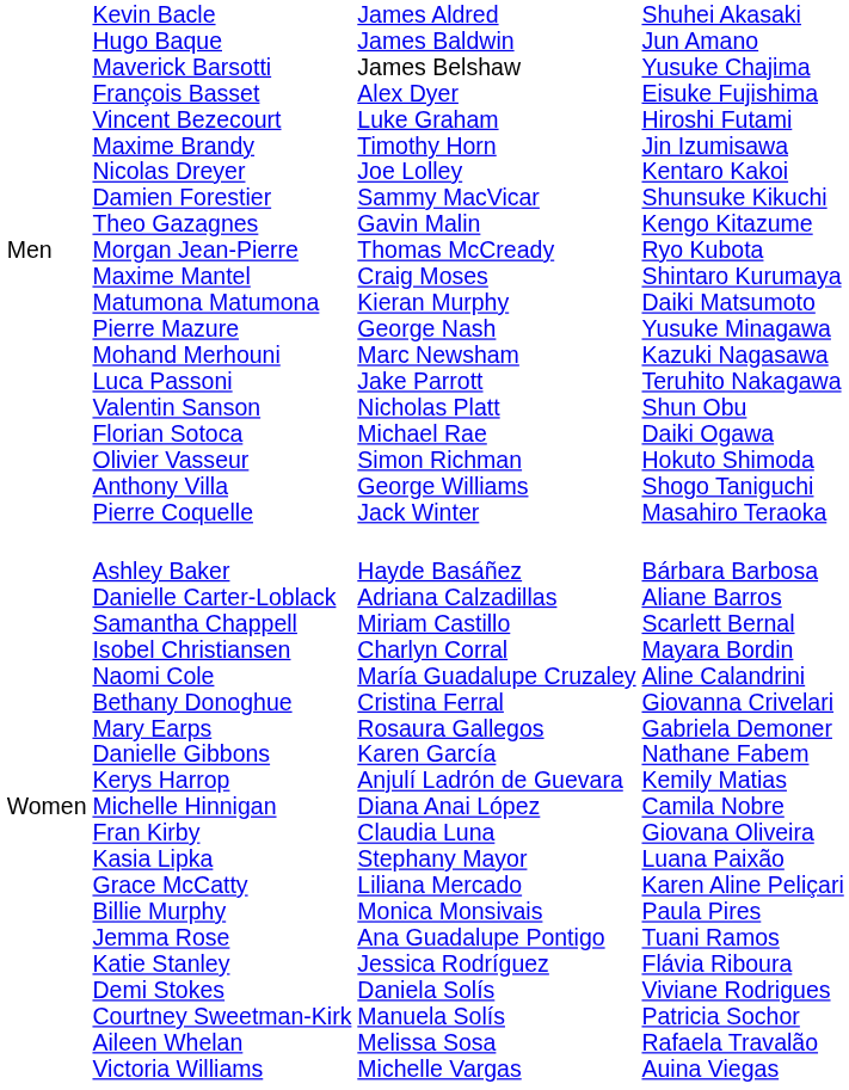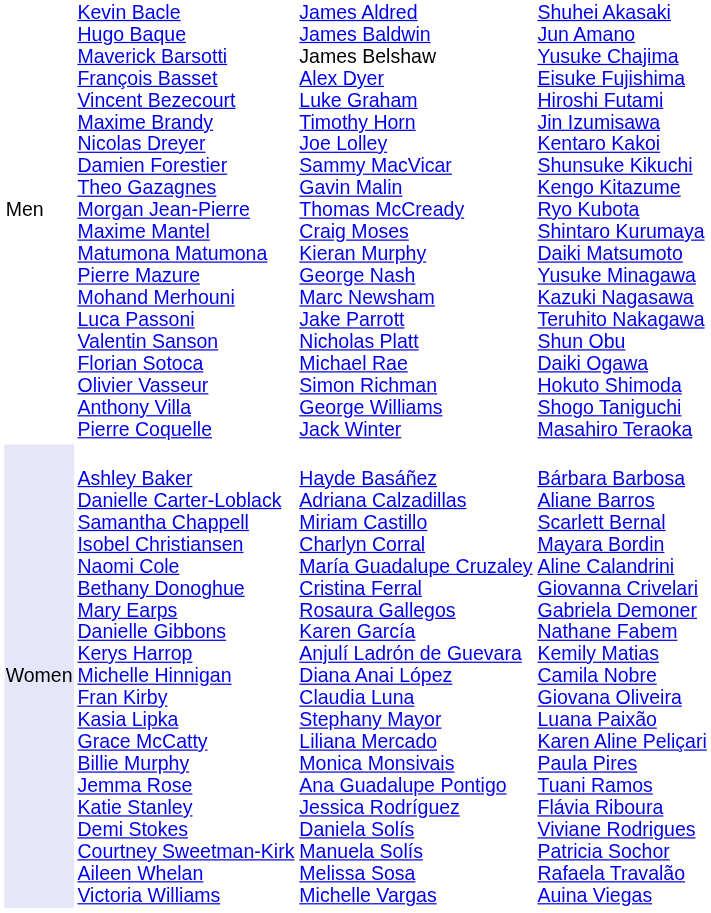 <table>
 <tr>
 <td>Men<br></td>
 <td><br><a href='#'>Kevin Bacle</a><br> <a href='#'>Hugo Baque</a><br> <a href='#'>Maverick Barsotti</a><br> <a href='#'>François Basset</a><br> <a href='#'>Vincent Bezecourt</a><br> <a href='#'>Maxime Brandy</a><br> <a href='#'>Nicolas Dreyer</a><br> <a href='#'>Damien Forestier</a><br> <a href='#'>Theo Gazagnes</a><br> <a href='#'>Morgan Jean-Pierre</a><br> <a href='#'>Maxime Mantel</a><br> <a href='#'>Matumona Matumona</a><br> <a href='#'>Pierre Mazure</a><br> <a href='#'>Mohand Merhouni</a><br> <a href='#'>Luca Passoni</a><br> <a href='#'>Valentin Sanson</a><br> <a href='#'>Florian Sotoca</a><br> <a href='#'>Olivier Vasseur</a><br> <a href='#'>Anthony Villa</a><br> <a href='#'>Pierre Coquelle</a></td>
 <td><br><a href='#'>James Aldred</a><br> <a href='#'>James Baldwin</a><br> James Belshaw<br> <a href='#'>Alex Dyer</a><br> <a href='#'>Luke Graham</a><br> <a href='#'>Timothy Horn</a><br> <a href='#'>Joe Lolley</a><br> <a href='#'>Sammy MacVicar</a><br> <a href='#'>Gavin Malin</a><br> <a href='#'>Thomas McCready</a><br> <a href='#'>Craig Moses</a><br> <a href='#'>Kieran Murphy</a><br> <a href='#'>George Nash</a><br> <a href='#'>Marc Newsham</a><br> <a href='#'>Jake Parrott</a><br> <a href='#'>Nicholas Platt</a><br> <a href='#'>Michael Rae</a><br> <a href='#'>Simon Richman</a><br> <a href='#'>George Williams</a><br> <a href='#'>Jack Winter</a></td>
 <td><br><a href='#'>Shuhei Akasaki</a><br><a href='#'>Jun Amano</a><br><a href='#'>Yusuke Chajima</a><br><a href='#'>Eisuke Fujishima</a><br><a href='#'>Hiroshi Futami</a><br><a href='#'>Jin Izumisawa</a><br><a href='#'>Kentaro Kakoi</a><br><a href='#'>Shunsuke Kikuchi</a><br><a href='#'>Kengo Kitazume</a><br><a href='#'>Ryo Kubota</a><br><a href='#'>Shintaro Kurumaya</a><br><a href='#'>Daiki Matsumoto</a><br><a href='#'>Yusuke Minagawa</a><br><a href='#'>Kazuki Nagasawa</a><br><a href='#'>Teruhito Nakagawa</a><br><a href='#'>Shun Obu</a><br><a href='#'>Daiki Ogawa</a><br><a href='#'>Hokuto Shimoda</a><br><a href='#'>Shogo Taniguchi</a><br><a href='#'>Masahiro Teraoka</a></td>
 </tr>
 <tr>
-<td>Women<br></td>
+<td style="background: lavender;">Women<br></td>
 <td><br><a href='#'>Ashley Baker</a><br><a href='#'>Danielle Carter-Loblack</a><br><a href='#'>Samantha Chappell</a><br><a href='#'>Isobel Christiansen</a><br><a href='#'>Naomi Cole</a><br><a href='#'>Bethany Donoghue</a><br><a href='#'>Mary Earps</a><br><a href='#'>Danielle Gibbons</a><br><a href='#'>Kerys Harrop</a><br><a href='#'>Michelle Hinnigan</a><br><a href='#'>Fran Kirby</a><br><a href='#'>Kasia Lipka</a><br><a href='#'>Grace McCatty</a><br><a href='#'>Billie Murphy</a><br><a href='#'>Jemma Rose</a><br><a href='#'>Katie Stanley</a><br><a href='#'>Demi Stokes</a><br><a href='#'>Courtney Sweetman-Kirk</a><br><a href='#'>Aileen Whelan</a><br><a href='#'>Victoria Williams</a></td>
 <td><br><a href='#'>Hayde Basáñez</a><br><a href='#'>Adriana Calzadillas</a><br><a href='#'>Miriam Castillo</a><br><a href='#'>Charlyn Corral</a><br><a href='#'>María Guadalupe Cruzaley</a><br><a href='#'>Cristina Ferral</a><br><a href='#'>Rosaura Gallegos</a><br><a href='#'>Karen García</a><br><a href='#'>Anjulí Ladrón de Guevara</a><br><a href='#'>Diana Anai López</a><br><a href='#'>Claudia Luna</a><br><a href='#'>Stephany Mayor</a><br> <a href='#'>Liliana Mercado</a><br><a href='#'>Monica Monsivais</a><br><a href='#'>Ana Guadalupe Pontigo</a><br><a href='#'>Jessica Rodríguez</a><br><a href='#'>Daniela Solís</a><br><a href='#'>Manuela Solís</a><br><a href='#'>Melissa Sosa</a><br><a href='#'>Michelle Vargas</a></td>
 <td><br><a href='#'>Bárbara Barbosa</a><br><a href='#'>Aliane Barros</a><br><a href='#'>Scarlett Bernal</a><br><a href='#'>Mayara Bordin</a><br><a href='#'>Aline Calandrini</a><br><a href='#'>Giovanna Crivelari</a><br><a href='#'>Gabriela Demoner</a><br><a href='#'>Nathane Fabem</a><br><a href='#'>Kemily Matias</a><br><a href='#'>Camila Nobre</a><br><a href='#'>Giovana Oliveira</a><br><a href='#'>Luana Paixão</a><br><a href='#'>Karen Aline Peliçari</a><br><a href='#'>Paula Pires</a><br><a href='#'>Tuani Ramos</a><br><a href='#'>Flávia Riboura</a><br><a href='#'>Viviane Rodrigues</a><br><a href='#'>Patricia Sochor</a><br><a href='#'>Rafaela Travalão</a><br><a href='#'>Auina Viegas</a></td>
 </tr>
 </table>
